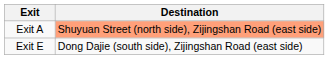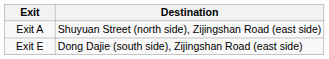 <table class="wikitable">
 <tr>
 <th style="width:70px" colspan="2">Exit</th>
 <th>Destination</th>
 </tr>
 <tr>
 <td align="center" colspan="2">Exit A</td>
-<td style="background: lightsalmon;">Shuyuan Street (north side), Zijingshan Road (east side)</td>
+<td>Shuyuan Street (north side), Zijingshan Road (east side)</td>
 </tr>
 <tr>
 <td align="center" colspan="2">Exit E</td>
 <td>Dong Dajie (south side), Zijingshan Road (east side)</td>
 </tr>
 </table>
